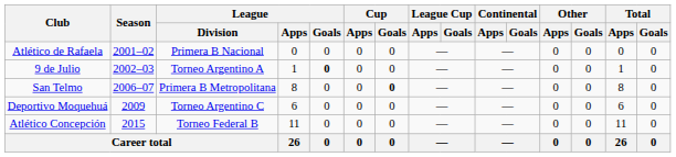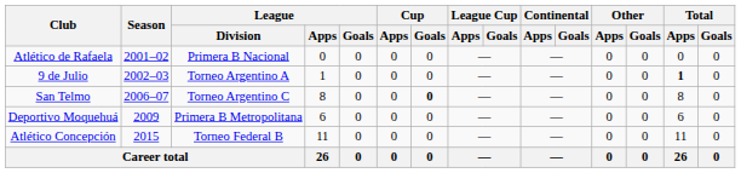 <table class="wikitable" style="text-align:center">
 <tr>
 <th rowspan="2">Club</th>
 <th rowspan="2">Season</th>
 <th colspan="3">League</th>
 <th colspan="2">Cup</th>
 <th colspan="2">League Cup</th>
 <th colspan="2">Continental</th>
 <th colspan="2">Other</th>
 <th colspan="2">Total</th>
 </tr>
 <tr>
 <th>Division</th>
 <th>Apps</th>
 <th>Goals</th>
 <th>Apps</th>
 <th>Goals</th>
 <th>Apps</th>
 <th>Goals</th>
 <th>Apps</th>
 <th>Goals</th>
 <th>Apps</th>
 <th>Goals</th>
 <th>Apps</th>
 <th>Goals</th>
 </tr>
 <tr>
 <td rowspan="1"><a href='#'>Atlético de Rafaela</a></td>
 <td><a href='#'>2001–02</a></td>
 <td rowspan="1"><a href='#'>Primera B Nacional</a></td>
 <td>0</td>
 <td>0</td>
 <td>0</td>
 <td>0</td>
 <td colspan="2">—</td>
 <td colspan="2">—</td>
 <td>0</td>
 <td>0</td>
 <td>0</td>
 <td>0</td>
 </tr>
 <tr>
 <td rowspan="1"><a href='#'>9 de Julio</a></td>
 <td><a href='#'>2002–03</a></td>
 <td rowspan="1"><a href='#'>Torneo Argentino A</a></td>
 <td>1</td>
-<td><strong>0</strong></td>
+<td>0</td>
 <td>0</td>
 <td>0</td>
 <td colspan="2">—</td>
 <td colspan="2">—</td>
 <td>0</td>
 <td>0</td>
-<td>1</td>
+<td><strong>1</strong></td>
 <td>0</td>
 </tr>
 <tr>
 <td rowspan="1"><a href='#'>San Telmo</a></td>
 <td><a href='#'>2006–07</a></td>
-<td rowspan="1"><a href='#'>Primera B Metropolitana</a></td>
+<td rowspan="1"><a href='#'>Torneo Argentino C</a></td>
 <td>8</td>
 <td>0</td>
 <td>0</td>
 <td><strong>0</strong></td>
 <td colspan="2">—</td>
 <td colspan="2">—</td>
 <td>0</td>
 <td>0</td>
 <td>8</td>
 <td>0</td>
 </tr>
 <tr>
 <td rowspan="1"><a href='#'>Deportivo Moquehuá</a></td>
 <td><a href='#'>2009</a></td>
-<td rowspan="1"><a href='#'>Torneo Argentino C</a></td>
+<td rowspan="1"><a href='#'>Primera B Metropolitana</a></td>
 <td>6</td>
 <td>0</td>
 <td>0</td>
 <td>0</td>
 <td colspan="2">—</td>
 <td colspan="2">—</td>
 <td>0</td>
 <td>0</td>
 <td>6</td>
 <td>0</td>
 </tr>
 <tr>
 <td rowspan="1"><a href='#'>Atlético Concepción</a></td>
 <td><a href='#'>2015</a></td>
 <td rowspan="1"><a href='#'>Torneo Federal B</a></td>
 <td>11</td>
 <td>0</td>
 <td>0</td>
 <td>0</td>
 <td colspan="2">—</td>
 <td colspan="2">—</td>
 <td>0</td>
 <td>0</td>
 <td>11</td>
 <td>0</td>
 </tr>
 <tr>
 <th colspan="3">Career total</th>
 <th>26</th>
 <th>0</th>
 <th>0</th>
 <th>0</th>
 <th colspan="2">—</th>
 <th colspan="2">—</th>
 <th>0</th>
 <th>0</th>
 <th>26</th>
 <th>0</th>
 </tr>
 </table>
